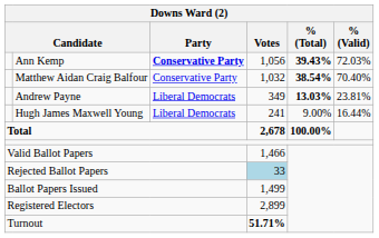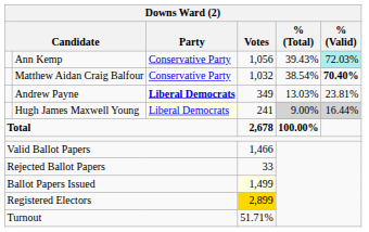 <table class="wikitable" border="1" style="text-align:right; font-size:100%">
 <tr>
 <th align=center colspan=6>Downs Ward (2)</th>
 </tr>
 <tr>
 <th valign=bottom align=left colspan=2>Candidate</th>
 <th valign=bottom align=left>Party</th>
 <th valign=bottom align=center>Votes</th>
 <th align=center>%<br>(Total)</th>
 <th align=center>%<br>(Valid)</th>
 </tr>
 <tr>
 <td bgcolor=> </td>
 <td align=left>Ann Kemp</td>
-<td align=left><strong><a href='#'>Conservative Party</a></strong></td>
+<td align=left><a href='#'>Conservative Party</a></td>
 <td>1,056</td>
-<td><strong>39.43%</strong></td>
-<td>72.03%</td>
+<td>39.43%</td>
+<td style="background: paleturquoise;">72.03%</td>
 </tr>
 <tr>
 <td bgcolor=> </td>
 <td align=left>Matthew Aidan Craig Balfour</td>
 <td align=left><a href='#'>Conservative Party</a></td>
 <td>1,032</td>
-<td><strong>38.54%</strong></td>
-<td>70.40%</td>
+<td>38.54%</td>
+<td><strong>70.40%</strong></td>
 </tr>
 <tr>
 <td bgcolor=> </td>
 <td align=left>Andrew Payne</td>
-<td align=left><a href='#'>Liberal Democrats</a></td>
+<td align=left><strong><a href='#'>Liberal Democrats</a></strong></td>
 <td>349</td>
-<td><strong>13.03%</strong></td>
+<td>13.03%</td>
 <td>23.81%</td>
 </tr>
 <tr>
 <td bgcolor=> </td>
 <td align=left>Hugh James Maxwell Young</td>
-<td align=left><a href='#'>Liberal Democrats</a></td>
+<td align=left style="background: lightyellow;"><a href='#'>Liberal Democrats</a></td>
 <td>241</td>
-<td>9.00%</td>
-<td>16.44%</td>
+<td style="background: lightgrey;">9.00%</td>
+<td style="background: lightgrey;">16.44%</td>
 </tr>
 <tr>
 <td align=left colspan=3><strong>Total</strong></td>
 <td><strong>2,678</strong></td>
 <td><strong>100.00%</strong></td>
 <td></td>
 </tr>
 <tr>
 <td align=left colspan=6></td>
 </tr>
 <tr>
 <td align=left colspan=3>Valid Ballot Papers</td>
 <td>1,466</td>
 <td colspan=2 rowspan=5></td>
 </tr>
 <tr>
 <td align=left colspan=3>Rejected Ballot Papers</td>
-<td style="background: lightblue;">33</td>
+<td>33</td>
 </tr>
 <tr>
 <td align=left colspan=3>Ballot Papers Issued</td>
-<td>1,499</td>
+<td style="background: lightyellow;">1,499</td>
 </tr>
 <tr>
 <td align=left colspan=3>Registered Electors</td>
-<td>2,899</td>
+<td style="background: gold;">2,899</td>
 </tr>
 <tr>
 <td align=left colspan=3>Turnout</td>
-<td><strong>51.71%</strong></td>
+<td>51.71%</td>
 </tr>
 </table>
